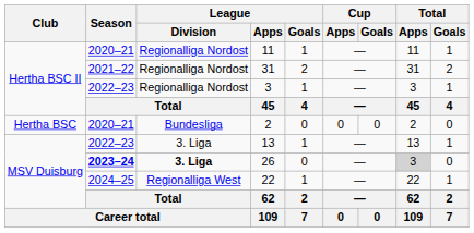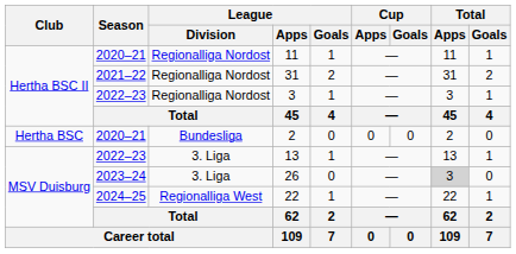 <table class="wikitable" style="text-align: center">
 <tr>
 <th rowspan="2">Club</th>
 <th rowspan="2">Season</th>
 <th colspan="3">League</th>
 <th colspan="2">Cup</th>
 <th colspan="2">Total</th>
 </tr>
 <tr>
 <th>Division</th>
 <th>Apps</th>
 <th>Goals</th>
 <th>Apps</th>
 <th>Goals</th>
 <th>Apps</th>
 <th>Goals</th>
 </tr>
 <tr>
 <td rowspan="4"><a href='#'>Hertha BSC II</a></td>
 <td><a href='#'>2020–21</a></td>
 <td><a href='#'>Regionalliga Nordost</a></td>
 <td>11</td>
 <td>1</td>
 <td colspan="2">—</td>
 <td>11</td>
 <td>1</td>
 </tr>
 <tr>
 <td><a href='#'>2021–22</a></td>
 <td>Regionalliga Nordost</td>
 <td>31</td>
 <td>2</td>
 <td colspan="2">—</td>
 <td>31</td>
 <td>2</td>
 </tr>
 <tr>
 <td><a href='#'>2022–23</a></td>
 <td>Regionalliga Nordost</td>
 <td>3</td>
 <td>1</td>
 <td colspan="2">—</td>
 <td>3</td>
 <td>1</td>
 </tr>
 <tr>
 <th colspan="2">Total</th>
 <th>45</th>
 <th>4</th>
 <th colspan="2">—</th>
 <th>45</th>
 <th>4</th>
 </tr>
 <tr>
 <td><a href='#'>Hertha BSC</a></td>
 <td><a href='#'>2020–21</a></td>
 <td><a href='#'>Bundesliga</a></td>
 <td>2</td>
 <td>0</td>
 <td>0</td>
 <td>0</td>
 <td>2</td>
 <td>0</td>
 </tr>
 <tr>
 <td rowspan=4><a href='#'>MSV Duisburg</a></td>
 <td><a href='#'>2022–23</a></td>
 <td>3. Liga</td>
 <td>13</td>
 <td>1</td>
 <td colspan="2">—</td>
 <td>13</td>
 <td>1</td>
 </tr>
 <tr>
-<td><strong><a href='#'>2023–24</a></strong></td>
-<td><strong>3. Liga</strong></td>
+<td><a href='#'>2023–24</a></td>
+<td>3. Liga</td>
 <td>26</td>
 <td>0</td>
 <td colspan="2">—</td>
 <td style="background: lightgrey;">3</td>
 <td>0</td>
 </tr>
 <tr>
 <td><a href='#'>2024–25</a></td>
 <td><a href='#'>Regionalliga West</a></td>
 <td>22</td>
 <td>1</td>
 <td colspan="2">—</td>
 <td>22</td>
 <td>1</td>
 </tr>
 <tr>
 <th colspan="2">Total</th>
 <th>62</th>
 <th>2</th>
 <th colspan="2">—</th>
 <th>62</th>
 <th>2</th>
 </tr>
 <tr>
 <th colspan="3">Career total</th>
 <th>109</th>
 <th>7</th>
 <th>0</th>
 <th>0</th>
 <th>109</th>
 <th>7</th>
 </tr>
 </table>
